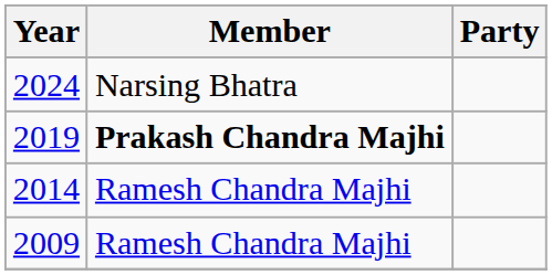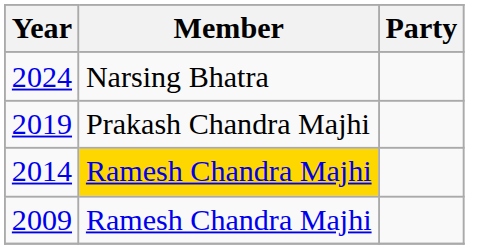 <table class="wikitable sortable">
 <tr>
 <th>Year</th>
 <th>Member</th>
 <th colspan=2>Party</th>
 </tr>
 <tr>
 <td><a href='#'>2024</a></td>
 <td>Narsing Bhatra</td>
 <td></td>
 </tr>
 <tr>
 <td><a href='#'>2019</a></td>
-<td><strong>Prakash Chandra Majhi</strong></td>
+<td>Prakash Chandra Majhi</td>
 <td></td>
 </tr>
 <tr>
 <td><a href='#'>2014</a></td>
-<td><a href='#'>Ramesh Chandra Majhi</a></td>
+<td style="background: gold;"><a href='#'>Ramesh Chandra Majhi</a></td>
 <td></td>
 </tr>
 <tr>
 <td><a href='#'>2009</a></td>
 <td><a href='#'>Ramesh Chandra Majhi</a></td>
 <td></td>
 </tr>
 <tr>
 </tr>
 </table>
